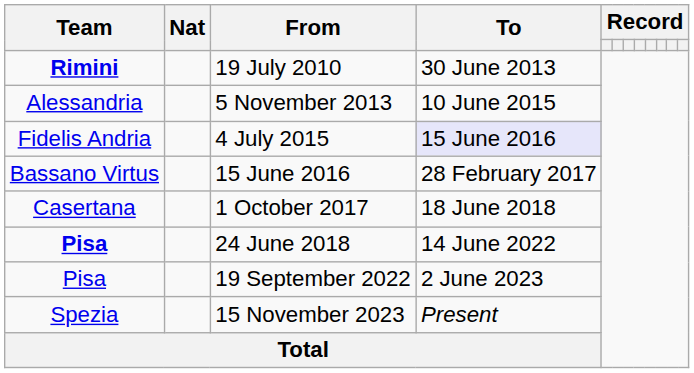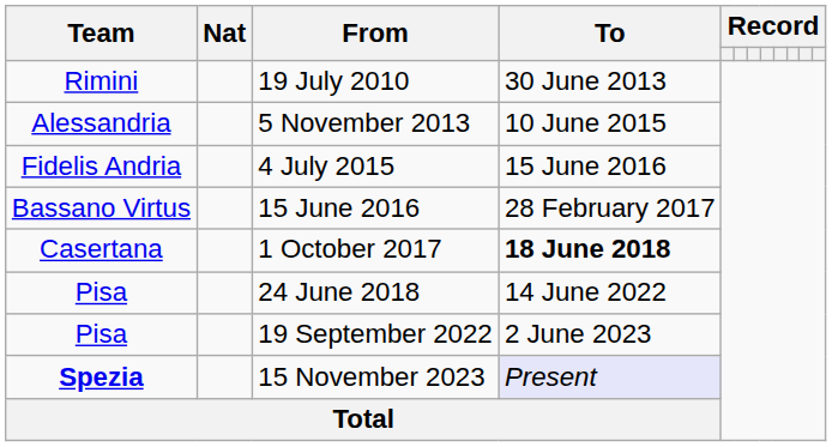 <table class="wikitable" style="text-align: center">
 <tr>
 <th rowspan="2">Team</th>
 <th rowspan="2">Nat</th>
 <th rowspan="2">From</th>
 <th rowspan="2">To</th>
 <th colspan="8">Record</th>
 </tr>
 <tr>
 <th></th>
 <th></th>
 <th></th>
 <th></th>
 <th></th>
 <th></th>
 <th></th>
 <th></th>
 </tr>
 <tr>
-<td><strong><a href='#'>Rimini</a></strong></td>
+<td><a href='#'>Rimini</a></td>
 <td></td>
 <td align=left>19 July 2010</td>
 <td align=left>30 June 2013<br></td>
 </tr>
 <tr>
 <td><a href='#'>Alessandria</a></td>
 <td></td>
 <td align=left>5 November 2013</td>
 <td align=left>10 June 2015<br></td>
 </tr>
 <tr>
 <td><a href='#'>Fidelis Andria</a></td>
 <td></td>
 <td align=left>4 July 2015</td>
-<td align=left style="background: lavender;">15 June 2016<br></td>
+<td align=left>15 June 2016<br></td>
 </tr>
 <tr>
 <td><a href='#'>Bassano Virtus</a></td>
 <td></td>
 <td align=left>15 June 2016</td>
 <td align=left>28 February 2017<br></td>
 </tr>
 <tr>
 <td><a href='#'>Casertana</a></td>
 <td></td>
 <td align=left>1 October 2017</td>
-<td align=left>18 June 2018<br></td>
+<td align=left><strong>18 June 2018<br></strong></td>
 </tr>
 <tr>
-<td><strong><a href='#'>Pisa</a></strong></td>
+<td><a href='#'>Pisa</a></td>
 <td></td>
 <td align=left>24 June 2018</td>
 <td align=left>14 June 2022<br></td>
 </tr>
 <tr>
 <td><a href='#'>Pisa</a></td>
 <td></td>
 <td align=left>19 September 2022</td>
 <td align=left>2 June 2023<br></td>
 </tr>
 <tr>
-<td><a href='#'>Spezia</a></td>
+<td><strong><a href='#'>Spezia</a></strong></td>
 <td></td>
 <td align=left>15 November 2023</td>
-<td align=left><em>Present</em><br></td>
+<td align=left style="background: lavender;"><em>Present</em><br></td>
 </tr>
 <tr>
 <th colspan="4">Total<br></th>
 </tr>
 </table>
